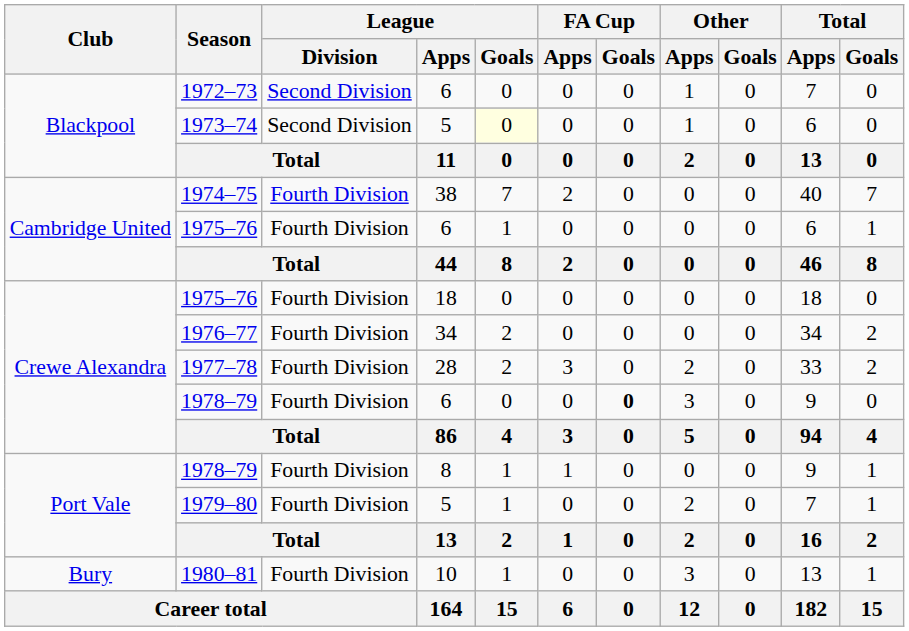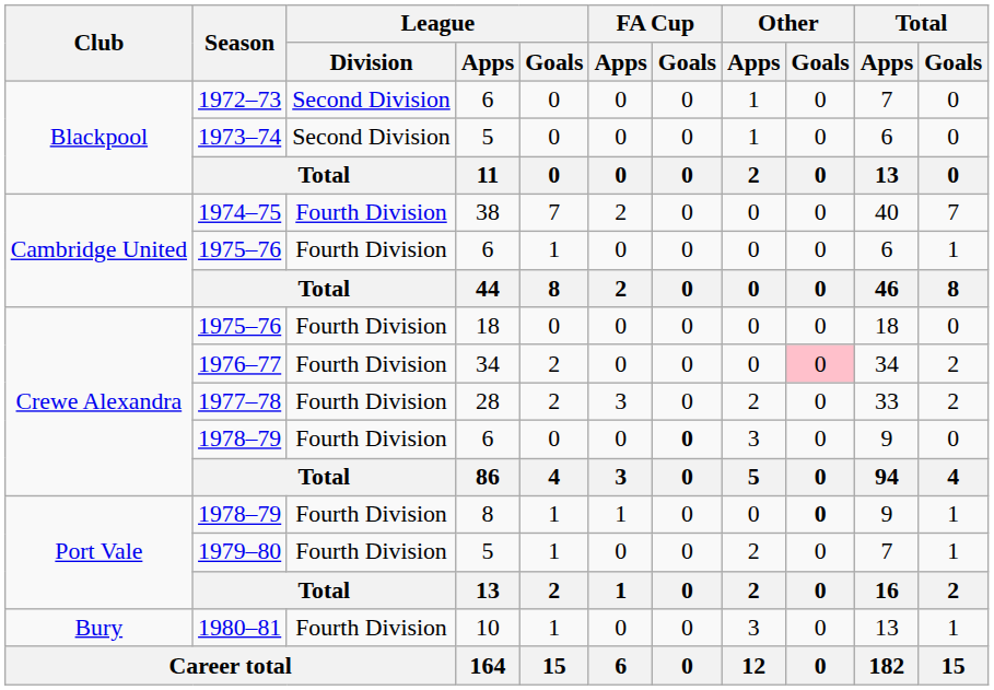 <table class="wikitable" style="text-align: center;">
 <tr>
 <th rowspan="2">Club</th>
 <th rowspan="2">Season</th>
 <th colspan="3">League</th>
 <th colspan="2">FA Cup</th>
 <th colspan="2">Other</th>
 <th colspan="2">Total</th>
 </tr>
 <tr>
 <th>Division</th>
 <th>Apps</th>
 <th>Goals</th>
 <th>Apps</th>
 <th>Goals</th>
 <th>Apps</th>
 <th>Goals</th>
 <th>Apps</th>
 <th>Goals</th>
 </tr>
 <tr>
 <td rowspan="3"><a href='#'>Blackpool</a></td>
 <td><a href='#'>1972–73</a></td>
 <td><a href='#'>Second Division</a></td>
 <td>6</td>
 <td>0</td>
 <td>0</td>
 <td>0</td>
 <td>1</td>
 <td>0</td>
 <td>7</td>
 <td>0</td>
 </tr>
 <tr>
 <td><a href='#'>1973–74</a></td>
 <td>Second Division</td>
 <td>5</td>
-<td style="background: lightyellow;">0</td>
+<td>0</td>
 <td>0</td>
 <td>0</td>
 <td>1</td>
 <td>0</td>
 <td>6</td>
 <td>0</td>
 </tr>
 <tr>
 <th colspan="2">Total</th>
 <th>11</th>
 <th>0</th>
 <th>0</th>
 <th>0</th>
 <th>2</th>
 <th>0</th>
 <th>13</th>
 <th>0</th>
 </tr>
 <tr>
 <td rowspan="3"><a href='#'>Cambridge United</a></td>
 <td><a href='#'>1974–75</a></td>
 <td><a href='#'>Fourth Division</a></td>
 <td>38</td>
 <td>7</td>
 <td>2</td>
 <td>0</td>
 <td>0</td>
 <td>0</td>
 <td>40</td>
 <td>7</td>
 </tr>
 <tr>
 <td><a href='#'>1975–76</a></td>
 <td>Fourth Division</td>
 <td>6</td>
 <td>1</td>
 <td>0</td>
 <td>0</td>
 <td>0</td>
 <td>0</td>
 <td>6</td>
 <td>1</td>
 </tr>
 <tr>
 <th colspan="2">Total</th>
 <th>44</th>
 <th>8</th>
 <th>2</th>
 <th>0</th>
 <th>0</th>
 <th>0</th>
 <th>46</th>
 <th>8</th>
 </tr>
 <tr>
 <td rowspan="5"><a href='#'>Crewe Alexandra</a></td>
 <td><a href='#'>1975–76</a></td>
 <td>Fourth Division</td>
 <td>18</td>
 <td>0</td>
 <td>0</td>
 <td>0</td>
 <td>0</td>
 <td>0</td>
 <td>18</td>
 <td>0</td>
 </tr>
 <tr>
 <td><a href='#'>1976–77</a></td>
 <td>Fourth Division</td>
 <td>34</td>
 <td>2</td>
 <td>0</td>
 <td>0</td>
 <td>0</td>
-<td>0</td>
+<td style="background: pink;">0</td>
 <td>34</td>
 <td>2</td>
 </tr>
 <tr>
 <td><a href='#'>1977–78</a></td>
 <td>Fourth Division</td>
 <td>28</td>
 <td>2</td>
 <td>3</td>
 <td>0</td>
 <td>2</td>
 <td>0</td>
 <td>33</td>
 <td>2</td>
 </tr>
 <tr>
 <td><a href='#'>1978–79</a></td>
 <td>Fourth Division</td>
 <td>6</td>
 <td>0</td>
 <td>0</td>
 <td><strong>0</strong></td>
 <td>3</td>
 <td>0</td>
 <td>9</td>
 <td>0</td>
 </tr>
 <tr>
 <th colspan="2">Total</th>
 <th>86</th>
 <th>4</th>
 <th>3</th>
 <th>0</th>
 <th>5</th>
 <th>0</th>
 <th>94</th>
 <th>4</th>
 </tr>
 <tr>
 <td rowspan="3"><a href='#'>Port Vale</a></td>
 <td><a href='#'>1978–79</a></td>
 <td>Fourth Division</td>
 <td>8</td>
 <td>1</td>
 <td>1</td>
 <td>0</td>
 <td>0</td>
-<td>0</td>
+<td><strong>0</strong></td>
 <td>9</td>
 <td>1</td>
 </tr>
 <tr>
 <td><a href='#'>1979–80</a></td>
 <td>Fourth Division</td>
 <td>5</td>
 <td>1</td>
 <td>0</td>
 <td>0</td>
 <td>2</td>
 <td>0</td>
 <td>7</td>
 <td>1</td>
 </tr>
 <tr>
 <th colspan="2">Total</th>
 <th>13</th>
 <th>2</th>
 <th>1</th>
 <th>0</th>
 <th>2</th>
 <th>0</th>
 <th>16</th>
 <th>2</th>
 </tr>
 <tr>
 <td><a href='#'>Bury</a></td>
 <td><a href='#'>1980–81</a></td>
 <td>Fourth Division</td>
 <td>10</td>
 <td>1</td>
 <td>0</td>
 <td>0</td>
 <td>3</td>
 <td>0</td>
 <td>13</td>
 <td>1</td>
 </tr>
 <tr>
 <th colspan="3">Career total</th>
 <th>164</th>
 <th>15</th>
 <th>6</th>
 <th>0</th>
 <th>12</th>
 <th>0</th>
 <th>182</th>
 <th>15</th>
 </tr>
 </table>
